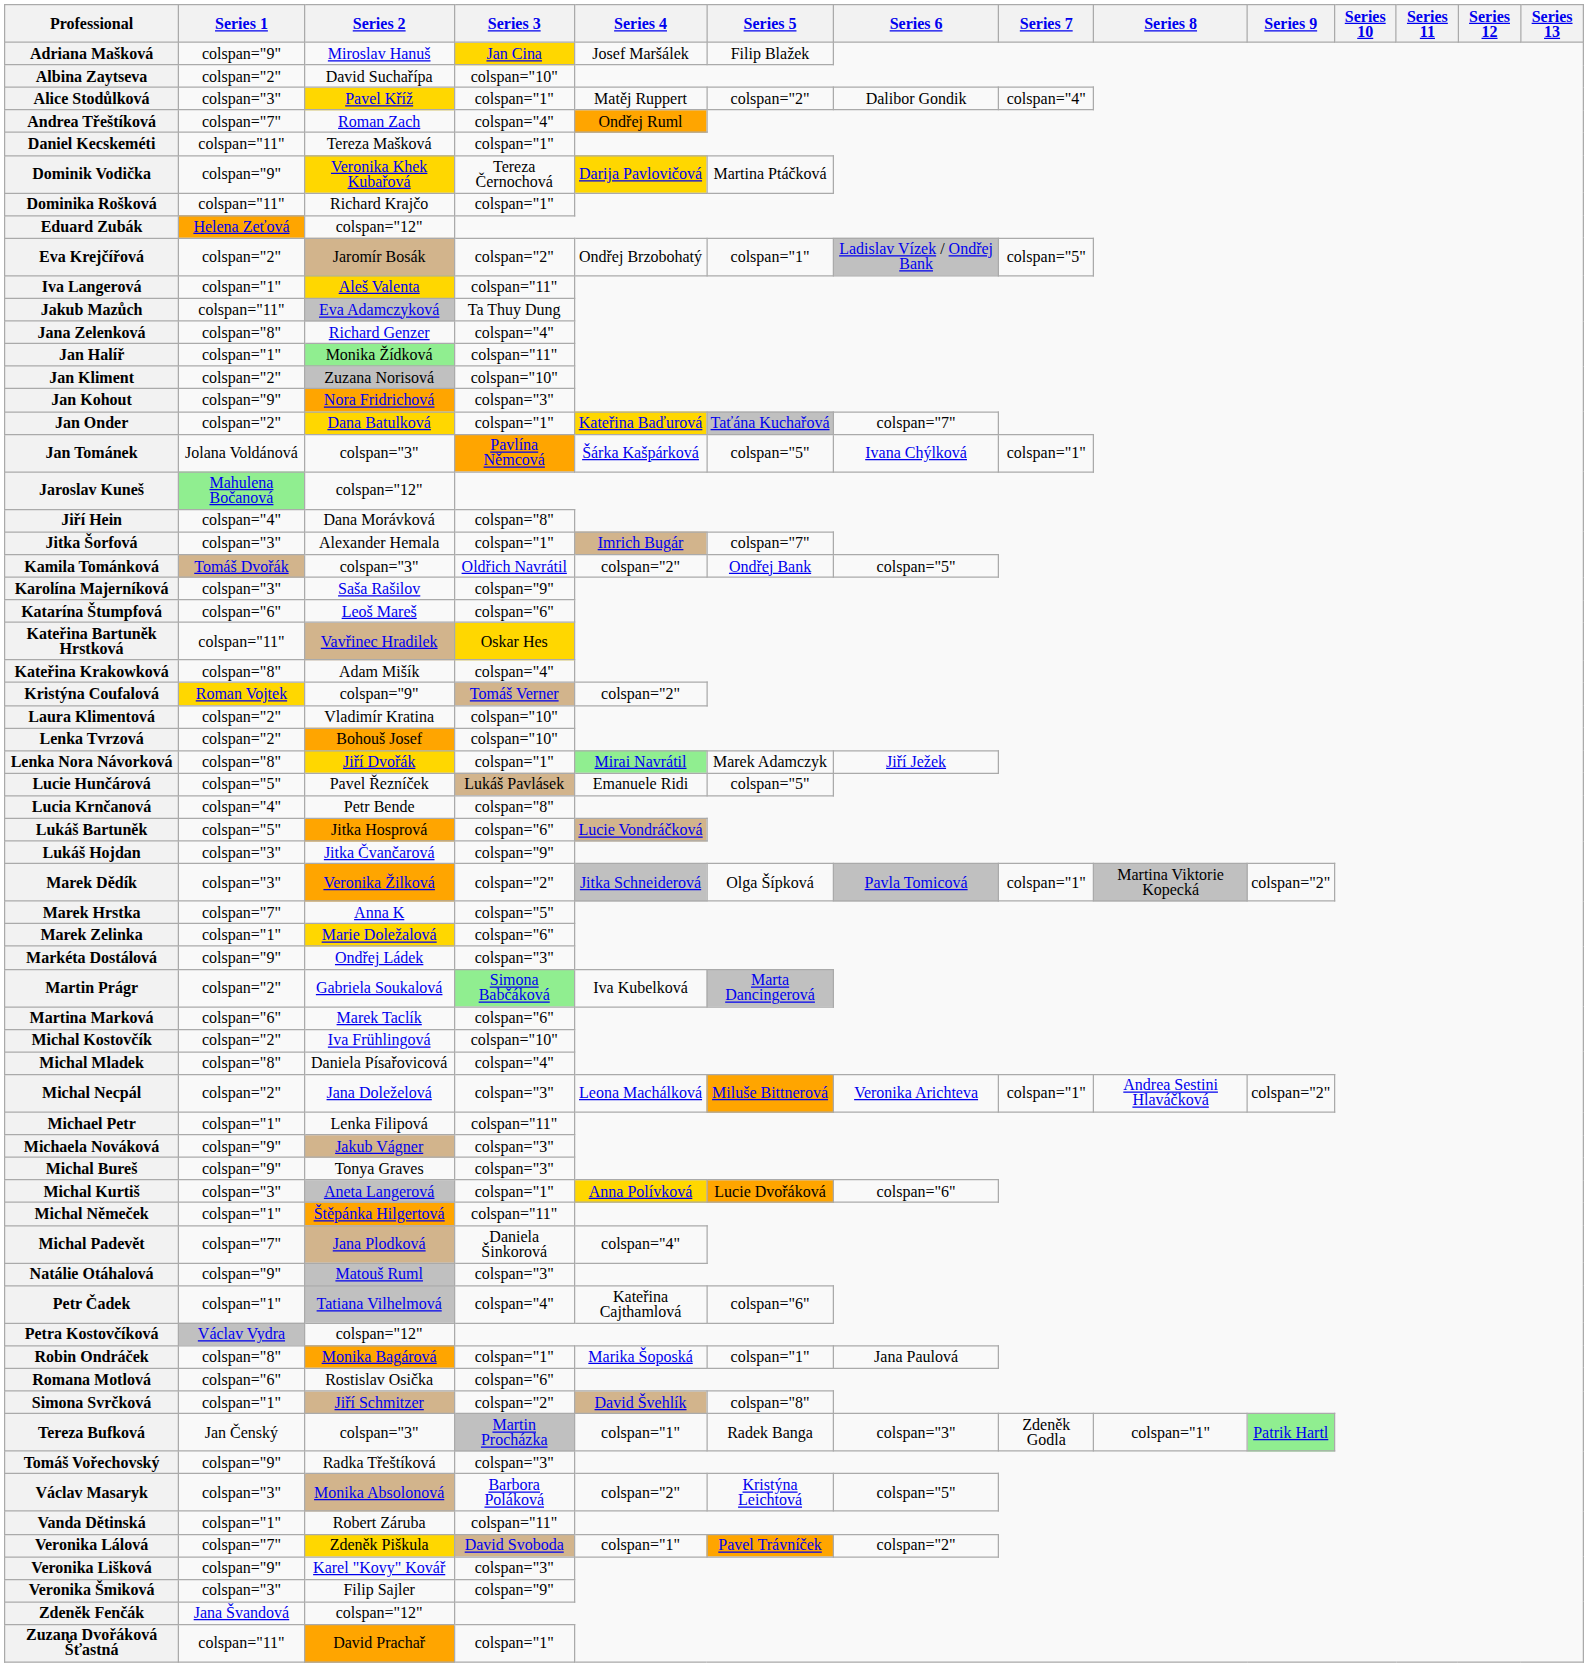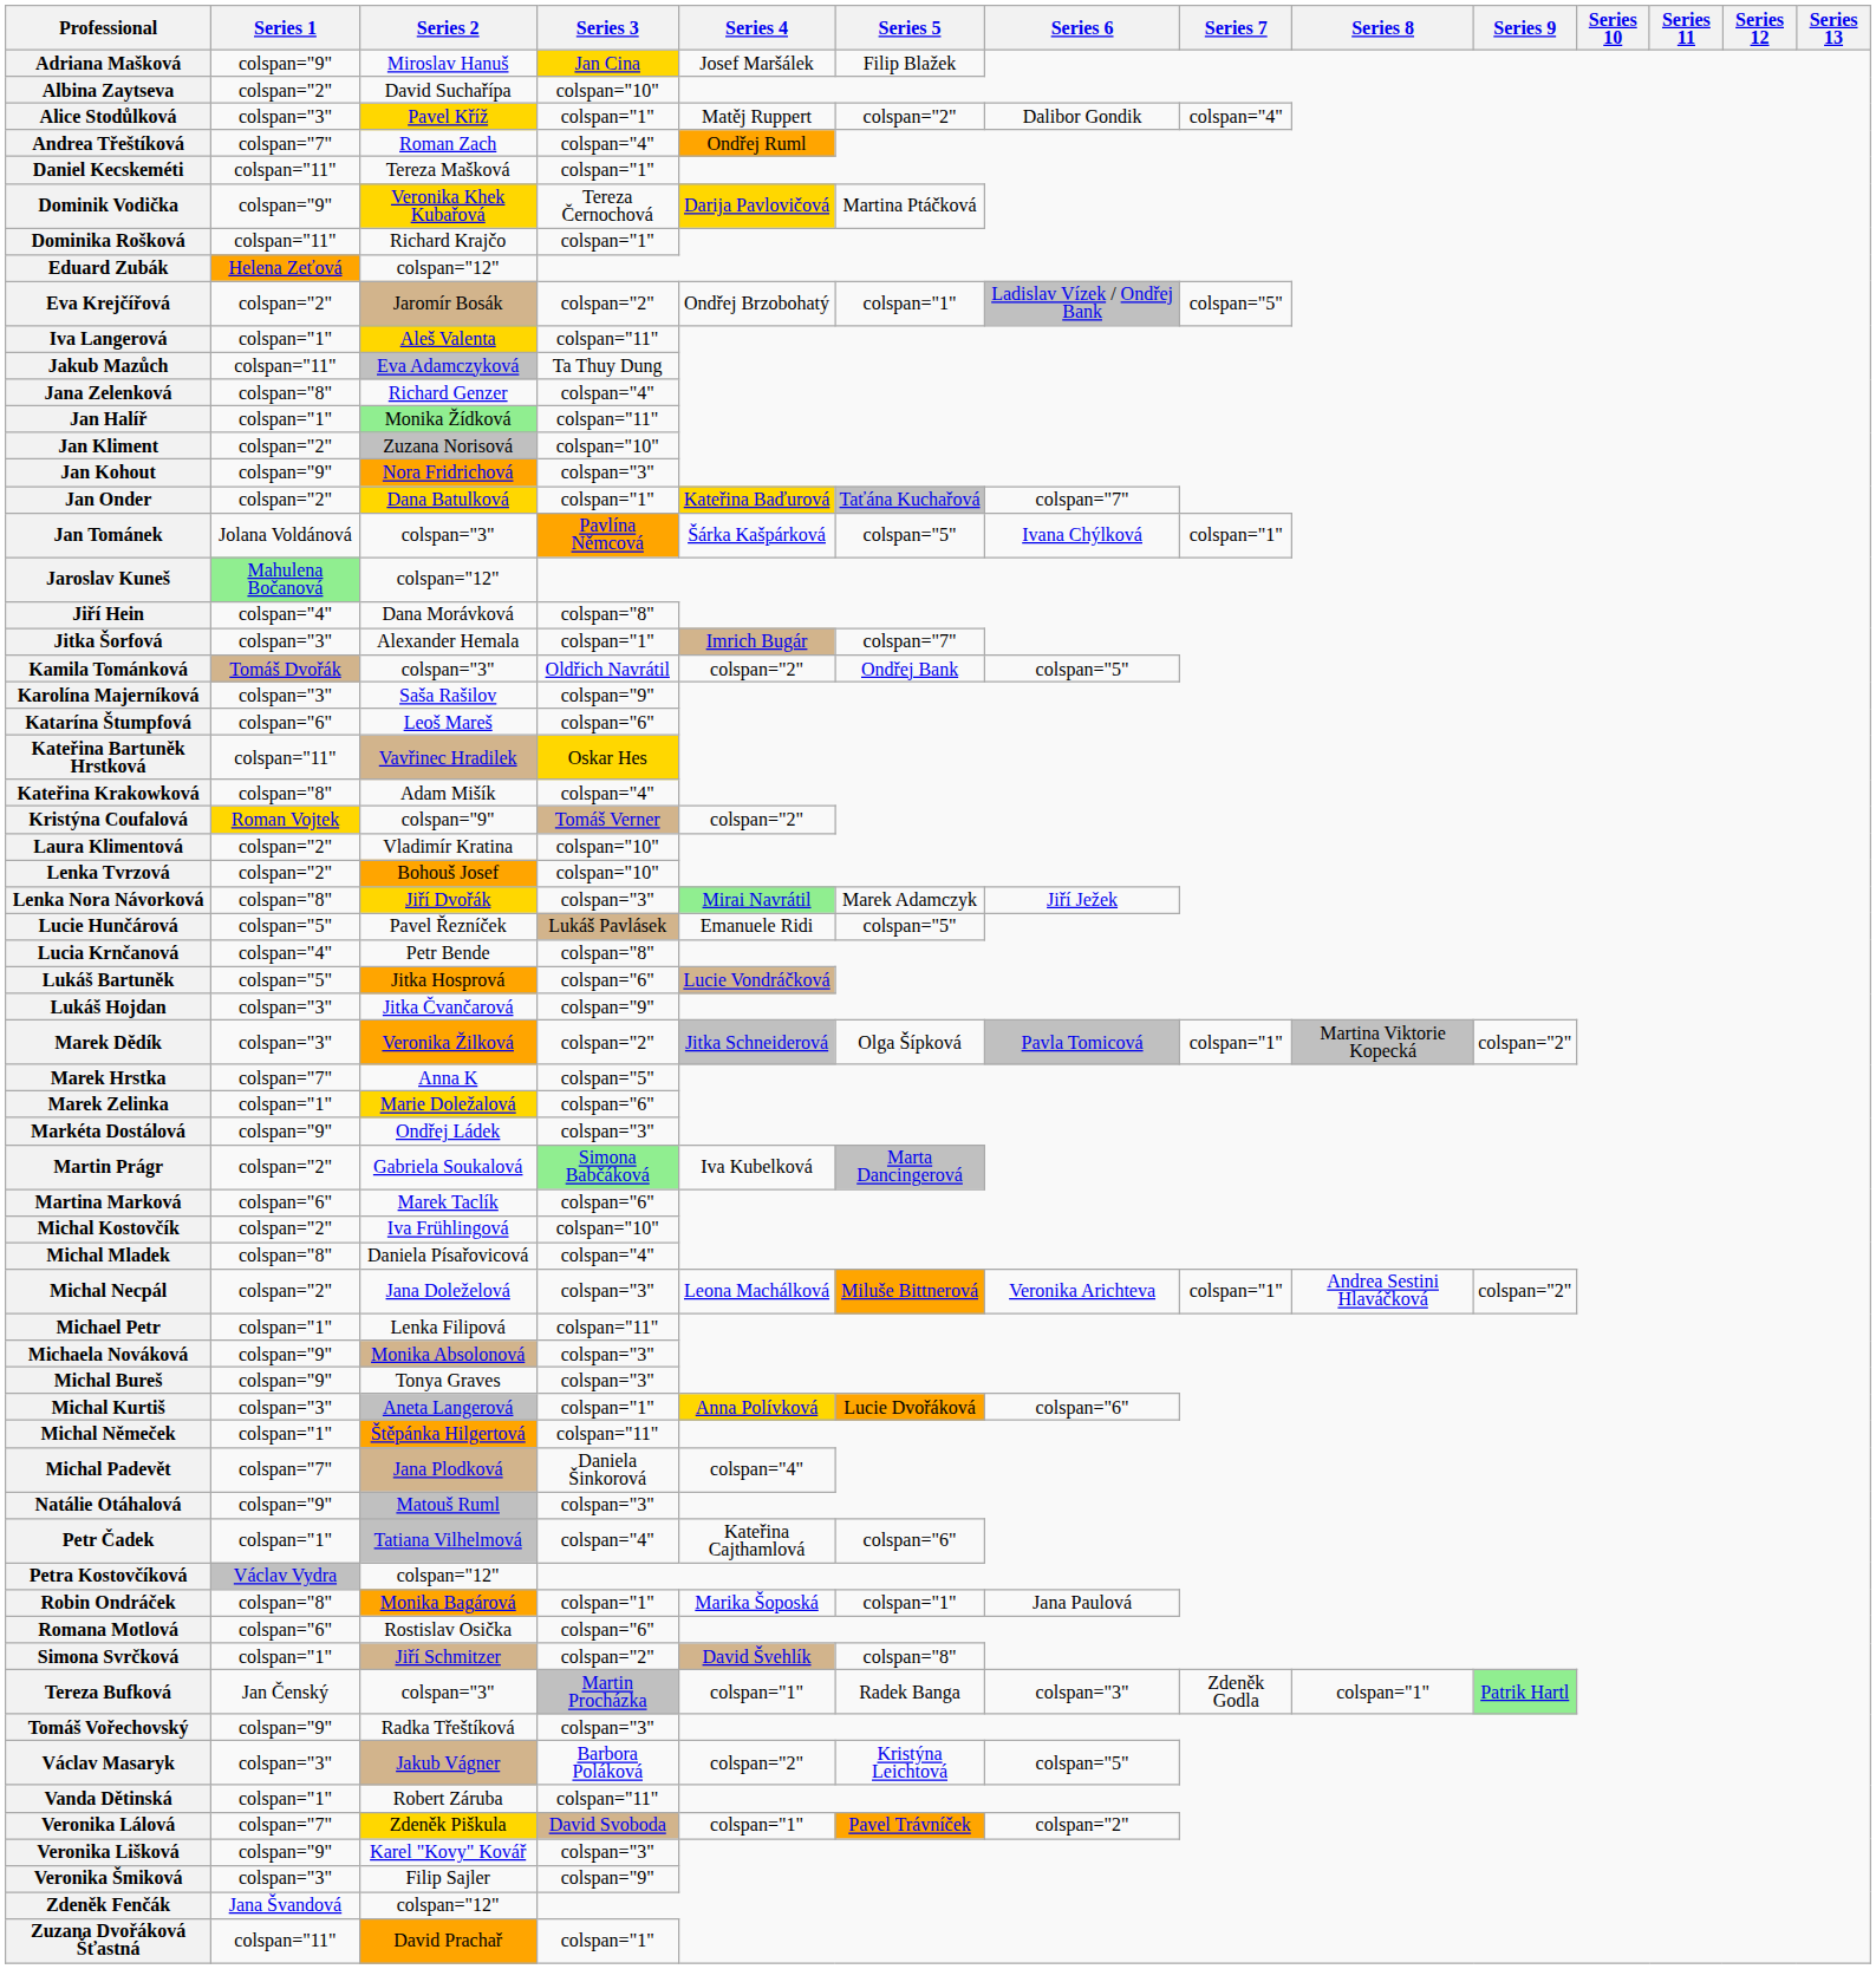 <table class="wikitable sortable collapsible" style="margin:auto; font-size:80%; line-height:12px; text-align:center;">
 <tr>
 <th>Professional</th>
 <th><a href='#'>Series 1</a></th>
 <th><a href='#'>Series 2</a></th>
 <th><a href='#'>Series 3</a></th>
 <th><a href='#'>Series 4</a></th>
 <th><a href='#'>Series 5</a></th>
 <th><a href='#'>Series 6</a></th>
 <th><a href='#'>Series 7</a></th>
 <th><a href='#'>Series 8</a></th>
 <th><a href='#'>Series 9</a></th>
 <th><a href='#'>Series 10</a></th>
 <th><a href='#'>Series 11</a></th>
 <th><a href='#'>Series 12</a></th>
 <th><a href='#'>Series 13</a></th>
 </tr>
 <tr>
 <th>Adriana Mašková</th>
 <td>colspan="9" </td>
 <td><a href='#'>Miroslav Hanuš</a></td>
 <td style="background:gold;"><a href='#'>Jan Cina</a></td>
 <td>Josef Maršálek</td>
 <td>Filip Blažek</td>
 </tr>
 <tr>
 <th>Albina Zaytseva</th>
 <td>colspan="2" </td>
 <td>David Suchařípa</td>
 <td>colspan="10" </td>
 </tr>
 <tr>
 <th>Alice Stodůlková</th>
 <td>colspan="3" </td>
 <td style="background:gold;"><a href='#'>Pavel Kříž</a></td>
 <td>colspan="1" </td>
 <td>Matěj Ruppert</td>
 <td>colspan="2" </td>
 <td>Dalibor Gondik</td>
 <td>colspan="4" </td>
 </tr>
 <tr>
 <th>Andrea Třeštíková</th>
 <td>colspan="7" </td>
 <td><a href='#'>Roman Zach</a></td>
 <td>colspan="4" </td>
 <td style="background:orange;">Ondřej Ruml</td>
 </tr>
 <tr>
 <th>Daniel Kecskeméti</th>
 <td>colspan="11" </td>
 <td>Tereza Mašková</td>
 <td>colspan="1" </td>
 </tr>
 <tr>
 <th>Dominik Vodička</th>
 <td>colspan="9" </td>
 <td style="background:gold;"><a href='#'>Veronika Khek Kubařová</a></td>
 <td>Tereza Černochová</td>
 <td style="background:gold;"><a href='#'>Darija Pavlovičová</a></td>
 <td>Martina Ptáčková</td>
 </tr>
 <tr>
 <th>Dominika Rošková</th>
 <td>colspan="11" </td>
 <td>Richard Krajčo</td>
 <td>colspan="1" </td>
 </tr>
 <tr>
 <th>Eduard Zubák</th>
 <td style="background:orange;"><a href='#'>Helena Zeťová</a></td>
 <td>colspan="12" </td>
 </tr>
 <tr>
 <th>Eva Krejčířová</th>
 <td>colspan="2" </td>
 <td style="background:tan;">Jaromír Bosák</td>
 <td>colspan="2" </td>
 <td>Ondřej Brzobohatý</td>
 <td>colspan="1" </td>
 <td style="background:silver;"><a href='#'>Ladislav Vízek</a> / <a href='#'>Ondřej Bank</a></td>
 <td>colspan="5" </td>
 </tr>
 <tr>
 <th>Iva Langerová</th>
 <td>colspan="1" </td>
 <td style="background:gold;"><a href='#'>Aleš Valenta</a></td>
 <td>colspan="11" </td>
 </tr>
 <tr>
 <th>Jakub Mazůch</th>
 <td>colspan="11" </td>
 <td style="background:silver;"><a href='#'>Eva Adamczyková</a></td>
 <td>Ta Thuy Dung</td>
 </tr>
 <tr>
 <th>Jana Zelenková</th>
 <td>colspan="8" </td>
 <td><a href='#'>Richard Genzer</a></td>
 <td>colspan="4" </td>
 </tr>
 <tr>
 <th>Jan Halíř</th>
 <td>colspan="1" </td>
 <td style="background:lightgreen;">Monika Žídková</td>
 <td>colspan="11" </td>
 </tr>
 <tr>
 <th>Jan Kliment</th>
 <td>colspan="2" </td>
 <td style="background:silver;">Zuzana Norisová</td>
 <td>colspan="10" </td>
 </tr>
 <tr>
 <th>Jan Kohout</th>
 <td>colspan="9" </td>
 <td style="background:orange;"><a href='#'>Nora Fridrichová</a></td>
 <td>colspan="3" </td>
 </tr>
 <tr>
 <th>Jan Onder</th>
 <td>colspan="2" </td>
 <td style="background:gold;"><a href='#'>Dana Batulková</a></td>
 <td>colspan="1" </td>
 <td style="background:gold;"><a href='#'>Kateřina Baďurová</a></td>
 <td style="background:silver;"><a href='#'>Taťána Kuchařová</a></td>
 <td>colspan="7" </td>
 </tr>
 <tr>
 <th>Jan Tománek</th>
 <td>Jolana Voldánová</td>
 <td>colspan="3" </td>
 <td style="background:orange;"><a href='#'>Pavlína Němcová</a></td>
 <td><a href='#'>Šárka Kašpárková</a></td>
 <td>colspan="5" </td>
 <td><a href='#'>Ivana Chýlková</a></td>
 <td>colspan="1" </td>
 </tr>
 <tr>
 <th>Jaroslav Kuneš</th>
 <td style="background:lightgreen;"><a href='#'>Mahulena Bočanová</a></td>
 <td>colspan="12" </td>
 </tr>
 <tr>
 <th>Jiří Hein</th>
 <td>colspan="4" </td>
 <td>Dana Morávková</td>
 <td>colspan="8" </td>
 </tr>
 <tr>
 <th>Jitka Šorfová</th>
 <td>colspan="3" </td>
 <td>Alexander Hemala</td>
 <td>colspan="1" </td>
 <td style="background:tan;"><a href='#'>Imrich Bugár</a></td>
 <td>colspan="7" </td>
 </tr>
 <tr>
 <th>Kamila Tománková</th>
 <td style="background:tan;"><a href='#'>Tomáš Dvořák</a></td>
 <td>colspan="3" </td>
 <td><a href='#'>Oldřich Navrátil</a></td>
 <td>colspan="2" </td>
 <td><a href='#'>Ondřej Bank</a></td>
 <td>colspan="5" </td>
 </tr>
 <tr>
 <th>Karolína Majerníková</th>
 <td>colspan="3" </td>
 <td><a href='#'>Saša Rašilov</a></td>
 <td>colspan="9" </td>
 </tr>
 <tr>
 <th>Katarína Štumpfová</th>
 <td>colspan="6" </td>
 <td><a href='#'>Leoš Mareš</a></td>
 <td>colspan="6" </td>
 </tr>
 <tr>
 <th>Kateřina Bartuněk Hrstková</th>
 <td>colspan="11" </td>
 <td style="background:tan;"><a href='#'>Vavřinec Hradilek</a></td>
 <td style="background:gold;">Oskar Hes</td>
 </tr>
 <tr>
 <th>Kateřina Krakowková</th>
 <td>colspan="8" </td>
 <td>Adam Mišík</td>
 <td>colspan="4" </td>
 </tr>
 <tr>
 <th>Kristýna Coufalová</th>
 <td style="background:gold;"><a href='#'>Roman Vojtek</a></td>
 <td>colspan="9" </td>
 <td style="background:tan;"><a href='#'>Tomáš Verner</a></td>
 <td>colspan="2" </td>
 </tr>
 <tr>
 <th>Laura Klimentová</th>
 <td>colspan="2" </td>
 <td>Vladimír Kratina</td>
 <td>colspan="10" </td>
 </tr>
 <tr>
 <th>Lenka Tvrzová</th>
 <td>colspan="2" </td>
 <td style="background:orange;">Bohouš Josef</td>
 <td>colspan="10" </td>
 </tr>
 <tr>
 <th>Lenka Nora Návorková</th>
 <td>colspan="8" </td>
 <td style="background:gold;"><a href='#'>Jiří Dvořák</a></td>
-<td>colspan="1" </td>
+<td>colspan="3" </td>
 <td style="background:lightgreen;"><a href='#'>Mirai Navrátil</a></td>
 <td>Marek Adamczyk</td>
 <td><a href='#'>Jiří Ježek</a></td>
 </tr>
 <tr>
 <th>Lucie Hunčárová</th>
 <td>colspan="5" </td>
 <td>Pavel Řezníček</td>
 <td style="background:tan;">Lukáš Pavlásek</td>
 <td>Emanuele Ridi</td>
 <td>colspan="5" </td>
 </tr>
 <tr>
 <th>Lucia Krnčanová</th>
 <td>colspan="4" </td>
 <td>Petr Bende</td>
 <td>colspan="8" </td>
 </tr>
 <tr>
 <th>Lukáš Bartuněk</th>
 <td>colspan="5" </td>
 <td style="background:orange;">Jitka Hosprová</td>
 <td>colspan="6" </td>
 <td style="background:tan;"><a href='#'>Lucie Vondráčková</a></td>
 </tr>
 <tr>
 <th>Lukáš Hojdan</th>
 <td>colspan="3" </td>
 <td><a href='#'>Jitka Čvančarová</a></td>
 <td>colspan="9" </td>
 </tr>
 <tr>
 <th>Marek Dědík</th>
 <td>colspan="3" </td>
 <td style="background:orange;"><a href='#'>Veronika Žilková</a></td>
 <td>colspan="2" </td>
 <td style="background:silver;"><a href='#'>Jitka Schneiderová</a></td>
 <td>Olga Šípková</td>
 <td style="background:silver;"><a href='#'>Pavla Tomicová</a></td>
 <td>colspan="1" </td>
 <td style="background:silver;">Martina Viktorie Kopecká</td>
 <td>colspan="2" </td>
 </tr>
 <tr>
 <th>Marek Hrstka</th>
 <td>colspan="7" </td>
 <td><a href='#'>Anna K</a></td>
 <td>colspan="5" </td>
 </tr>
 <tr>
 <th>Marek Zelinka</th>
 <td>colspan="1" </td>
 <td style="background:gold;"><a href='#'>Marie Doležalová</a></td>
 <td>colspan="6" </td>
 </tr>
 <tr>
 <th>Markéta Dostálová</th>
 <td>colspan="9" </td>
 <td><a href='#'>Ondřej Ládek</a></td>
 <td>colspan="3" </td>
 </tr>
 <tr>
 <th>Martin Prágr</th>
 <td>colspan="2" </td>
 <td><a href='#'>Gabriela Soukalová</a></td>
 <td style="background:lightgreen;"><a href='#'>Simona Babčáková</a></td>
 <td>Iva Kubelková</td>
 <td style="background:silver;"><a href='#'>Marta Dancingerová</a></td>
 </tr>
 <tr>
 <th>Martina Marková</th>
 <td>colspan="6" </td>
 <td><a href='#'>Marek Taclík</a></td>
 <td>colspan="6" </td>
 </tr>
 <tr>
 <th>Michal Kostovčík</th>
 <td>colspan="2" </td>
 <td><a href='#'>Iva Frühlingová</a></td>
 <td>colspan="10" </td>
 </tr>
 <tr>
 <th>Michal Mladek</th>
 <td>colspan="8" </td>
 <td>Daniela Písařovicová</td>
 <td>colspan="4" </td>
 </tr>
 <tr>
 <th>Michal Necpál</th>
 <td>colspan="2" </td>
 <td><a href='#'>Jana Doleželová</a></td>
 <td>colspan="3" </td>
 <td><a href='#'>Leona Machálková</a></td>
 <td style="background:orange;"><a href='#'>Miluše Bittnerová</a></td>
 <td><a href='#'>Veronika Arichteva</a></td>
 <td>colspan="1" </td>
 <td><a href='#'>Andrea Sestini Hlaváčková</a></td>
 <td>colspan="2" </td>
 </tr>
 <tr>
 <th>Michael Petr</th>
 <td>colspan="1" </td>
 <td>Lenka Filipová</td>
 <td>colspan="11" </td>
 </tr>
 <tr>
 <th>Michaela Nováková</th>
 <td>colspan="9" </td>
-<td style="background:tan;"><a href='#'>Jakub Vágner</a></td>
+<td style="background:tan;"><a href='#'>Monika Absolonová</a></td>
 <td>colspan="3" </td>
 </tr>
 <tr>
 <th>Michal Bureš</th>
 <td>colspan="9" </td>
 <td>Tonya Graves</td>
 <td>colspan="3" </td>
 </tr>
 <tr>
 <th>Michal Kurtiš</th>
 <td>colspan="3" </td>
 <td style="background:silver;"><a href='#'>Aneta Langerová</a></td>
 <td>colspan="1" </td>
 <td style="background:gold;"><a href='#'>Anna Polívková</a></td>
 <td style="background:orange;">Lucie Dvořáková</td>
 <td>colspan="6" </td>
 </tr>
 <tr>
 <th>Michal Němeček</th>
 <td>colspan="1" </td>
 <td style="background:orange;"><a href='#'>Štěpánka Hilgertová</a></td>
 <td>colspan="11" </td>
 </tr>
 <tr>
 <th>Michal Padevět</th>
 <td>colspan="7" </td>
 <td style="background:tan;"><a href='#'>Jana Plodková</a></td>
 <td>Daniela Šinkorová</td>
 <td>colspan="4" </td>
 </tr>
 <tr>
 <th>Natálie Otáhalová</th>
 <td>colspan="9" </td>
 <td style="background:silver;"><a href='#'>Matouš Ruml</a></td>
 <td>colspan="3" </td>
 </tr>
 <tr>
 <th>Petr Čadek</th>
 <td>colspan="1" </td>
 <td style="background:silver;"><a href='#'>Tatiana Vilhelmová</a></td>
 <td>colspan="4" </td>
 <td>Kateřina Cajthamlová</td>
 <td>colspan="6" </td>
 </tr>
 <tr>
 <th>Petra Kostovčíková</th>
 <td style="background:silver;"><a href='#'>Václav Vydra</a></td>
 <td>colspan="12" </td>
 </tr>
 <tr>
 <th>Robin Ondráček</th>
 <td>colspan="8" </td>
 <td style="background:orange;"><a href='#'>Monika Bagárová</a></td>
 <td>colspan="1" </td>
 <td><a href='#'>Marika Šoposká</a></td>
 <td>colspan="1" </td>
 <td>Jana Paulová</td>
 </tr>
 <tr>
 <th>Romana Motlová</th>
 <td>colspan="6" </td>
 <td>Rostislav Osička</td>
 <td>colspan="6" </td>
 </tr>
 <tr>
 <th>Simona Svrčková</th>
 <td>colspan="1" </td>
 <td style="background:tan;"><a href='#'>Jiří Schmitzer</a></td>
 <td>colspan="2" </td>
 <td style="background:tan;"><a href='#'>David Švehlík</a></td>
 <td>colspan="8" </td>
 </tr>
 <tr>
 <th>Tereza Bufková</th>
 <td>Jan Čenský</td>
 <td>colspan="3" </td>
 <td style="background:silver;"><a href='#'>Martin Procházka</a></td>
 <td>colspan="1" </td>
 <td>Radek Banga</td>
 <td>colspan="3" </td>
 <td>Zdeněk Godla</td>
 <td>colspan="1" </td>
 <td style="background:lightgreen;"><a href='#'>Patrik Hartl</a></td>
 </tr>
 <tr>
 <th>Tomáš Vořechovský</th>
 <td>colspan="9" </td>
 <td>Radka Třeštíková</td>
 <td>colspan="3" </td>
 </tr>
 <tr>
 <th>Václav Masaryk</th>
 <td>colspan="3" </td>
-<td style="background:tan;"><a href='#'>Monika Absolonová</a></td>
+<td style="background:tan;"><a href='#'>Jakub Vágner</a></td>
 <td><a href='#'>Barbora Poláková</a></td>
 <td>colspan="2" </td>
 <td><a href='#'>Kristýna Leichtová</a></td>
 <td>colspan="5" </td>
 </tr>
 <tr>
 <th>Vanda Dětinská</th>
 <td>colspan="1" </td>
 <td>Robert Záruba</td>
 <td>colspan="11" </td>
 </tr>
 <tr>
 <th>Veronika Lálová</th>
 <td>colspan="7" </td>
 <td style="background:gold;">Zdeněk Piškula</td>
 <td style="background:tan;"><a href='#'>David Svoboda</a></td>
 <td>colspan="1" </td>
 <td style="background:orange;"><a href='#'>Pavel Trávníček</a></td>
 <td>colspan="2" </td>
 </tr>
 <tr>
 <th>Veronika Lišková</th>
 <td>colspan="9" </td>
 <td><a href='#'>Karel "Kovy" Kovář</a></td>
 <td>colspan="3" </td>
 </tr>
 <tr>
 <th>Veronika Šmiková</th>
 <td>colspan="3" </td>
 <td>Filip Sajler</td>
 <td>colspan="9" </td>
 </tr>
 <tr>
 <th>Zdeněk Fenčák</th>
 <td><a href='#'>Jana Švandová</a></td>
 <td>colspan="12" </td>
 </tr>
 <tr>
 <th>Zuzana Dvořáková Šťastná</th>
 <td>colspan="11" </td>
 <td style="background:orange;">David Prachař</td>
 <td>colspan="1" </td>
 </tr>
 </table>
